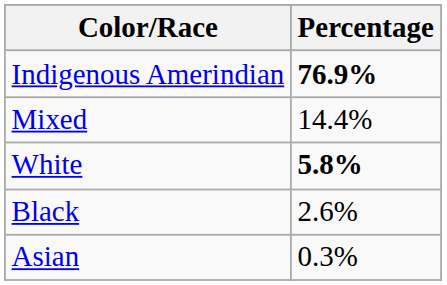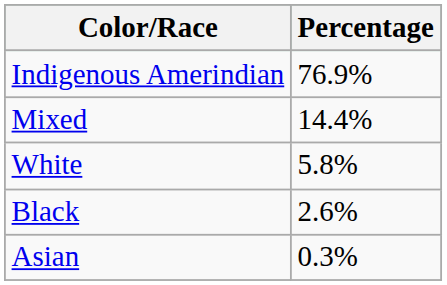 <table class="wikitable">
 <tr style="background:#009966;" colspan="2">
 <th><span>Color/Race</span></th>
 <th><span>Percentage</span></th>
 </tr>
 <tr>
 <td><a href='#'>Indigenous Amerindian</a></td>
-<td><strong>76.9%</strong></td>
+<td>76.9%</td>
 </tr>
 <tr>
 <td><a href='#'>Mixed</a></td>
 <td>14.4%</td>
 </tr>
 <tr>
 <td><a href='#'>White</a></td>
-<td><strong>5.8%</strong></td>
+<td>5.8%</td>
 </tr>
 <tr>
 <td><a href='#'>Black</a></td>
 <td>2.6%</td>
 </tr>
 <tr>
 <td><a href='#'>Asian</a></td>
 <td>0.3%</td>
 </tr>
 </table>
